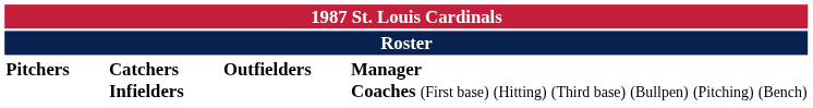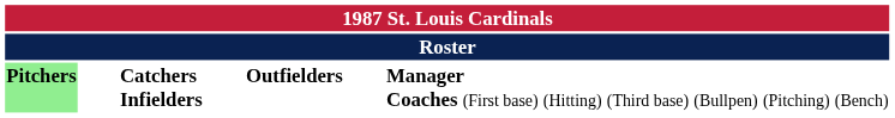 <table class="toccolours" style="font-size: 95%;">
 <tr>
 <th colspan="10" style="background-color: #c41e3a; color: white; text-align: center;">1987 St. Louis Cardinals</th>
 </tr>
 <tr>
 <td colspan="10" style="background-color: #0a2252; color: white; text-align: center;"><strong>Roster</strong></td>
 </tr>
 <tr>
-<td valign="top"><strong>Pitchers</strong><br>                </td>
+<td valign="top" style="background: lightgreen;"><strong>Pitchers</strong><br>                </td>
 <td width="25px"></td>
 <td valign="top"><strong>Catchers</strong><br>   <strong>Infielders</strong>          </td>
 <td width="25px"></td>
 <td valign="top"><strong>Outfielders</strong><br>        </td>
 <td width="25px"></td>
 <td valign="top"><strong>Manager</strong><br> <strong>Coaches</strong>  <small>(First base)</small>  <small>(Hitting)</small>  <small>(Third base)</small>  <small>(Bullpen)</small>  <small>(Pitching)</small>  <small>(Bench)</small></td>
 </tr>
 </table>
